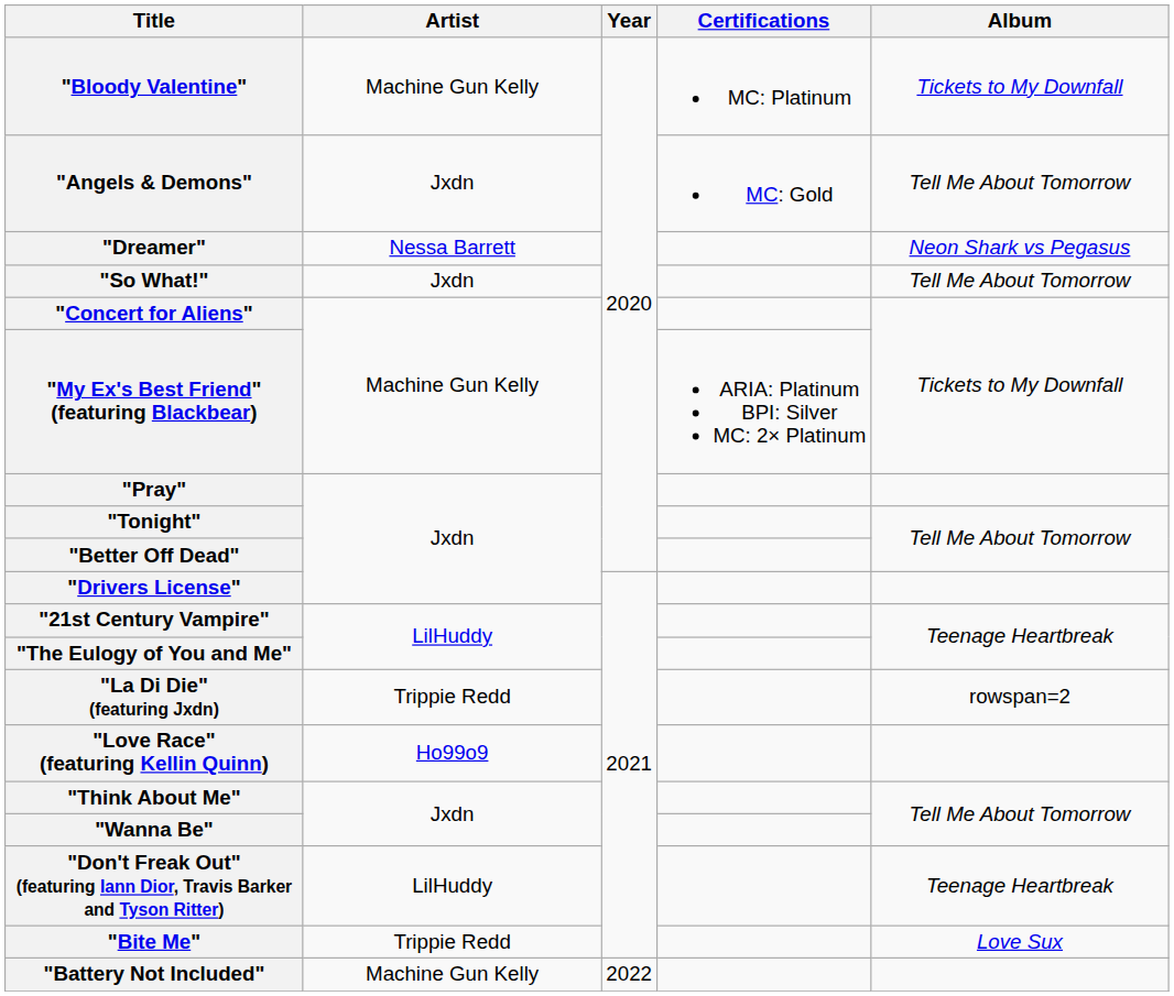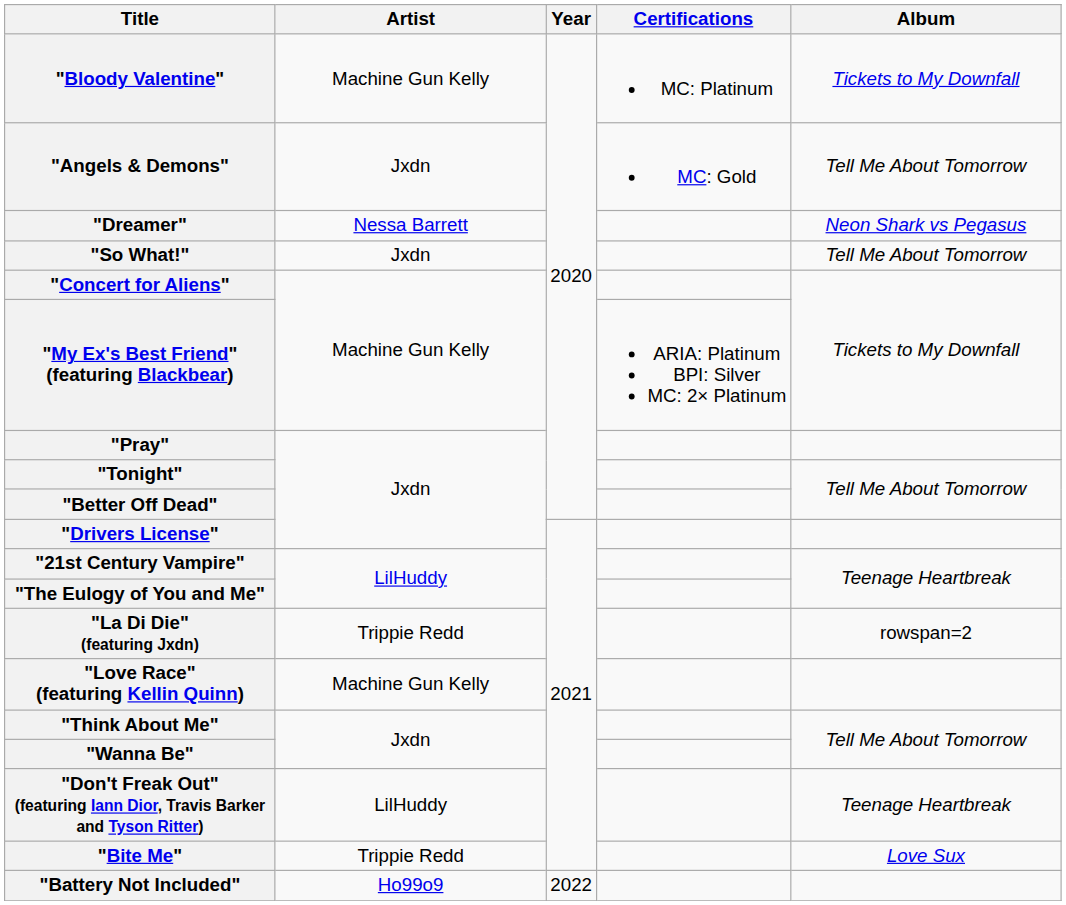 <table class="wikitable plainrowheaders" style="text-align:center;">
 <tr>
 <th scope="col" rowspan="1" style="width:14em;">Title</th>
 <th scope="col" rowspan="1" style="width:14em;">Artist</th>
 <th scope="col" rowspan="1" style="width:1em;">Year</th>
 <th scope="col" rowspan="1"><a href='#'>Certifications</a></th>
 <th scope="col" rowspan="1" style="width:14em;">Album</th>
 </tr>
 <tr>
 <th scope="row">"<a href='#'>Bloody Valentine</a>"</th>
 <td>Machine Gun Kelly</td>
 <td rowspan="9">2020</td>
 <td><br><ul><li>MC: Platinum</li></ul></td>
 <td><em><a href='#'>Tickets to My Downfall</a></em></td>
 </tr>
 <tr>
 <th scope="row">"Angels & Demons"</th>
 <td>Jxdn</td>
 <td><br><ul><li><a href='#'>MC</a>: Gold</li></ul></td>
 <td><em>Tell Me About Tomorrow</em></td>
 </tr>
 <tr>
 <th scope="row">"Dreamer"</th>
 <td><a href='#'>Nessa Barrett</a></td>
 <td></td>
 <td><em><a href='#'>Neon Shark vs Pegasus</a></em></td>
 </tr>
 <tr>
 <th scope="row">"So What!"</th>
 <td>Jxdn</td>
 <td></td>
 <td><em>Tell Me About Tomorrow</em></td>
 </tr>
 <tr>
 <th scope="row">"<a href='#'>Concert for Aliens</a>"</th>
 <td rowspan=2>Machine Gun Kelly</td>
 <td></td>
 <td rowspan=2><em>Tickets to My Downfall</em></td>
 </tr>
 <tr>
 <th scope="row">"<a href='#'>My Ex's Best Friend</a>"<br><span>(featuring <a href='#'>Blackbear</a>)</span></th>
 <td><br><ul><li>ARIA: Platinum</li><li>BPI: Silver</li><li>MC: 2× Platinum</li></ul></td>
 </tr>
 <tr>
 <th scope="row">"Pray"</th>
 <td rowspan=4>Jxdn</td>
 <td></td>
 <td></td>
 </tr>
 <tr>
 <th scope="row">"Tonight"<br></th>
 <td></td>
 <td rowspan=2><em>Tell Me About Tomorrow</em></td>
 </tr>
 <tr>
 <th scope="row">"Better Off Dead"</th>
 <td></td>
 </tr>
 <tr>
 <th scope="row">"<a href='#'>Drivers License</a>"</th>
 <td rowspan=9>2021</td>
 <td></td>
 <td></td>
 </tr>
 <tr>
 <th scope="row">"21st Century Vampire"</th>
 <td rowspan=2><a href='#'>LilHuddy</a></td>
 <td></td>
 <td rowspan=2><em>Teenage Heartbreak</em></td>
 </tr>
 <tr>
 <th scope="row">"The Eulogy of You and Me"</th>
 <td></td>
 </tr>
 <tr>
 <th scope="row">"La Di Die"<br><small>(featuring Jxdn)</small></th>
 <td>Trippie Redd</td>
 <td></td>
 <td>rowspan=2 </td>
 </tr>
 <tr>
 <th scope="row">"Love Race"<br><span>(featuring <a href='#'>Kellin Quinn</a>)</span></th>
-<td><a href='#'>Ho99o9</a></td>
+<td>Machine Gun Kelly</td>
 <td></td>
 </tr>
 <tr>
 <th scope="row">"Think About Me"</th>
 <td rowspan=2>Jxdn</td>
 <td></td>
 <td rowspan=2><em>Tell Me About Tomorrow</em></td>
 </tr>
 <tr>
 <th scope="row">"Wanna Be"<br></th>
 <td></td>
 </tr>
 <tr>
 <th scope="row">"Don't Freak Out"<br><small>(featuring <a href='#'>Iann Dior</a>, Travis Barker and <a href='#'>Tyson Ritter</a>)</small></th>
 <td>LilHuddy</td>
 <td></td>
 <td><em>Teenage Heartbreak</em></td>
 </tr>
 <tr>
 <th scope="row">"<a href='#'>Bite Me</a>"</th>
 <td>Trippie Redd</td>
 <td></td>
 <td><em><a href='#'>Love Sux</a></em></td>
 </tr>
 <tr>
 <th scope="row">"Battery Not Included"</th>
-<td>Machine Gun Kelly</td>
+<td><a href='#'>Ho99o9</a></td>
 <td>2022</td>
 <td></td>
 <td></td>
 </tr>
 </table>
